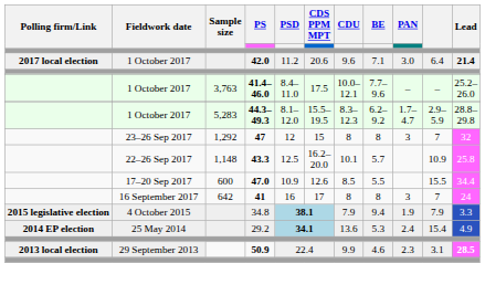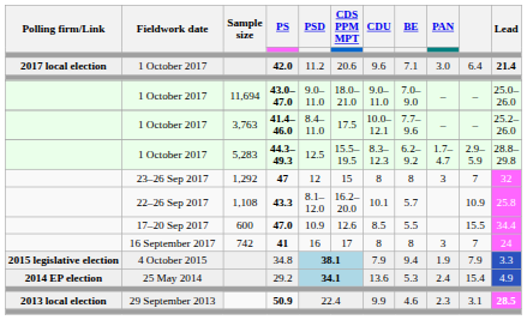 <table class="wikitable sortable mw-datatable" style="text-align:center;font-size:90%;line-height:16px;">
 <tr>
 <th rowspan="2" style="width:145px;">Polling firm/Link</th>
 <th rowspan="2" style="width:125px;">Fieldwork date</th>
 <th rowspan="2" class="unsortable" style="width:50px;">Sample size</th>
 <th class="unsortable" style="width:35px;"><a href='#'>PS</a></th>
 <th class="unsortable" style="width:35px;"><a href='#'>PSD</a></th>
 <th class="unsortable" style="width:35px;"><a href='#'>CDS</a><br><a href='#'>PPM</a><br><a href='#'>MPT</a></th>
 <th class="unsortable" style="width:35px;"><a href='#'>CDU</a></th>
 <th class="unsortable" style="width:35px;"><a href='#'>BE</a></th>
 <th class="unsortable" style="width:35px;"><a href='#'>PAN</a></th>
 <th rowspan="2" class="unsortable" style="width:35px;"></th>
 <th rowspan="2" class="unsortable" style="width:30px;">Lead</th>
 </tr>
 <tr>
 <th class="unsortable" style="color:inherit;background:#FF66FF;"></th>
 <th class="sortable" style="color:inherit;background:"></th>
 <th class="unsortable" style="color:inherit;background:#0066CC;"></th>
 <th class="unsortable" style="color:inherit;background:"></th>
 <th class="unsortable" style="color:inherit;background:"></th>
 <th class="sortable" style="color:inherit;background:#008080;"></th>
 </tr>
 <tr>
 <td colspan="11" style="background:#A0A0A0"></td>
 </tr>
 <tr style="background:#EFEFEF;">
 <td><strong>2017 local election</strong></td>
 <td data-sort-value="2019-10-06">1 October 2017</td>
 <td></td>
 <td><strong>42.0</strong><br></td>
 <td>11.2<br></td>
 <td>20.6<br></td>
 <td>9.6<br></td>
 <td>7.1<br></td>
 <td>3.0<br></td>
 <td>6.4<br></td>
 <td style="background:"><strong>21.4</strong></td>
 </tr>
 <tr>
 <td colspan="11" style="background:#A0A0A0"></td>
 </tr>
 <tr>
 </tr>
+<tr style="background:#EAFFEA"|>
+<td></td>
+<td data-sort-value="2019-10-06">1 October 2017</td>
+<td>11,694</td>
+<td><strong>43.0–<br>47.0</strong><br></td>
+<td>9.0–<br>11.0<br></td>
+<td>18.0–<br>21.0<br></td>
+<td>9.0–<br>11.0<br></td>
+<td>7.0–<br>9.0<br></td>
+<td>–</td>
+<td>–</td>
+<td style="background:">25.0–<br>26.0</td>
+</tr>
 <tr>
 </tr>
 <tr style="background:#EAFFEA"|>
 <td></td>
 <td data-sort-value="2019-10-06">1 October 2017</td>
 <td>3,763</td>
 <td><strong>41.4–<br>46.0</strong><br></td>
 <td>8.4–<br>11.0<br></td>
 <td align="center">17.5<br></td>
 <td>10.0–<br>12.1<br></td>
 <td>7.7–<br>9.6<br></td>
 <td>–</td>
 <td>–</td>
 <td style="background:">25.2–<br>26.0</td>
 </tr>
 <tr>
 </tr>
 <tr style="background:#EAFFEA"|>
 <td></td>
 <td data-sort-value="2019-10-06">1 October 2017</td>
 <td>5,283</td>
 <td><strong>44.3–<br>49.3</strong><br></td>
-<td>8.1–<br>12.0<br></td>
+<td align="center">12.5<br></td>
 <td>15.5–<br>19.5<br></td>
 <td>8.3–<br>12.3<br></td>
 <td>6.2–<br>9.2<br></td>
 <td>1.7–<br>4.7<br></td>
 <td>2.9–<br>5.9<br></td>
 <td style="background:">28.8–<br>29.8</td>
 </tr>
 <tr>
 <td align="center"><br></td>
 <td align="center">23–26 Sep 2017</td>
 <td>1,292</td>
 <td align="center" ><strong>47</strong><br></td>
 <td align="center">12<br></td>
 <td align="center">15<br></td>
 <td align="center">8<br></td>
 <td align="center">8<br></td>
 <td align="center">3<br></td>
 <td align="center">7<br></td>
 <td style="background:#FF66FF; color:white;">32</td>
 </tr>
 <tr>
 <td align="center"><br></td>
 <td align="center">22–26 Sep 2017</td>
-<td>1,148</td>
+<td>1,108</td>
 <td align="center" ><strong>43.3</strong><br></td>
-<td align="center">12.5<br></td>
+<td>8.1–<br>12.0<br></td>
 <td>16.2–<br>20.0<br></td>
 <td align="center">10.1<br></td>
 <td align="center">5.7<br></td>
 <td></td>
 <td align="center">10.9<br></td>
 <td style="background:#FF66FF; color:white;">25.8</td>
 </tr>
 <tr>
 <td align="center"><br></td>
 <td align="center">17–20 Sep 2017</td>
 <td>600</td>
 <td align="center" ><strong>47.0</strong><br></td>
 <td align="center">10.9<br></td>
 <td align="center">12.6<br></td>
 <td align="center">8.5<br></td>
 <td align="center">5.5<br></td>
 <td></td>
 <td align="center">15.5<br></td>
 <td style="background:#FF66FF; color:white;">34.4</td>
 </tr>
 <tr>
 <td align="center"><br></td>
 <td align="center">16 September 2017</td>
-<td>642</td>
+<td>742</td>
 <td align="center" ><strong>41</strong><br></td>
 <td align="center">16<br></td>
 <td align="center">17<br></td>
 <td align="center">8<br></td>
 <td align="center">8<br></td>
 <td align="center">3<br></td>
 <td align="center">7<br></td>
 <td style="background:#FF66FF; color:white;">24</td>
 </tr>
 <tr style="background:#EFEFEF;">
 <td><strong>2015 legislative election</strong></td>
 <td>4 October 2015</td>
 <td></td>
 <td>34.8<br></td>
 <td colspan="2" align="center" style="background:lightblue;"><strong>38.1</strong><br></td>
 <td>7.9<br></td>
 <td>9.4<br></td>
 <td>1.9<br></td>
 <td>7.9<br></td>
 <td style="background:#2A52BE; color:white;">3.3</td>
 </tr>
 <tr style="background:#EFEFEF;">
 <td><strong>2014 EP election</strong></td>
 <td>25 May 2014</td>
 <td></td>
 <td>29.2<br></td>
 <td colspan="2" align="center" style="background:lightblue;"><strong>34.1</strong><br></td>
 <td>13.6<br></td>
 <td>5.3<br></td>
 <td>2.4<br></td>
 <td>15.4<br></td>
 <td style="background:#2A52BE; color:white;">4.9</td>
 </tr>
 <tr>
 <td colspan="11" style="background:#A0A0A0"></td>
 </tr>
 <tr>
 <td style="background:#EFEFEF;"><strong>2013 local election</strong></td>
 <td style="background:#EFEFEF;" data-sort-value="2019-10-06">29 September 2013</td>
 <td></td>
 <td><strong>50.9</strong><br></td>
 <td colspan="2" style="background:#EFEFEF;">22.4<br></td>
 <td style="background:#EFEFEF;">9.9<br></td>
 <td style="background:#EFEFEF;">4.6<br></td>
 <td style="background:#EFEFEF;">2.3<br></td>
 <td style="background:#EFEFEF;">3.1</td>
 <td style="background:#FF66FF; color:white;"><strong>28.5</strong></td>
 </tr>
 <tr>
 <td colspan="11" style="background:#A0A0A0"></td>
 </tr>
 </table>
